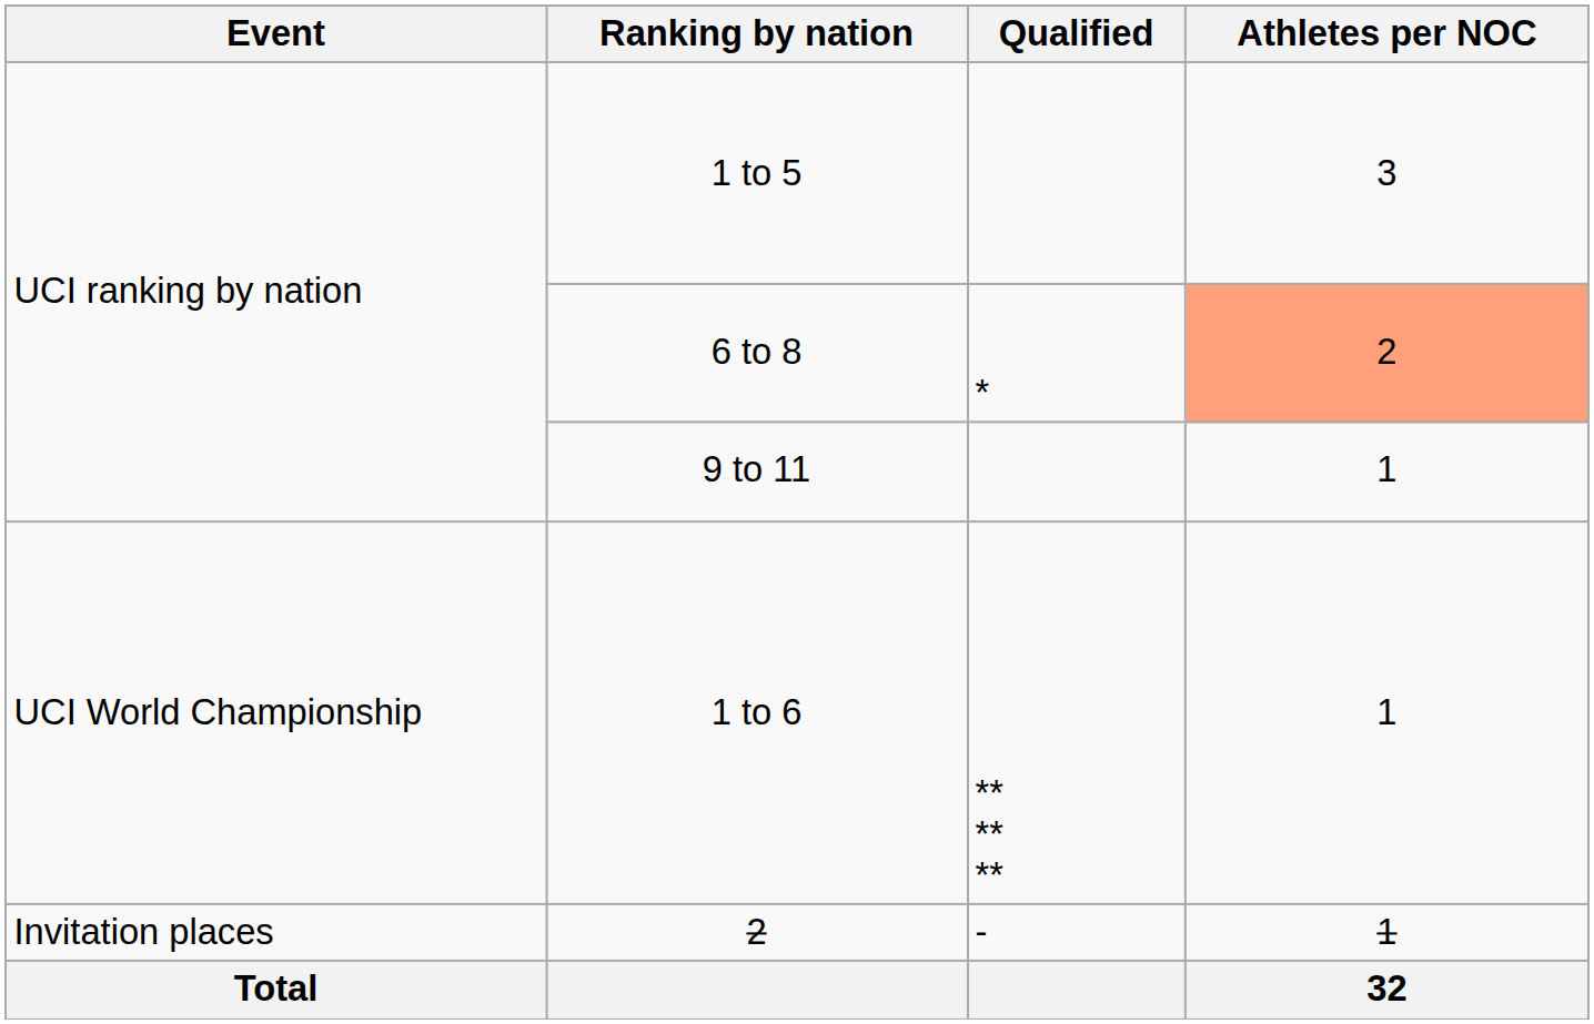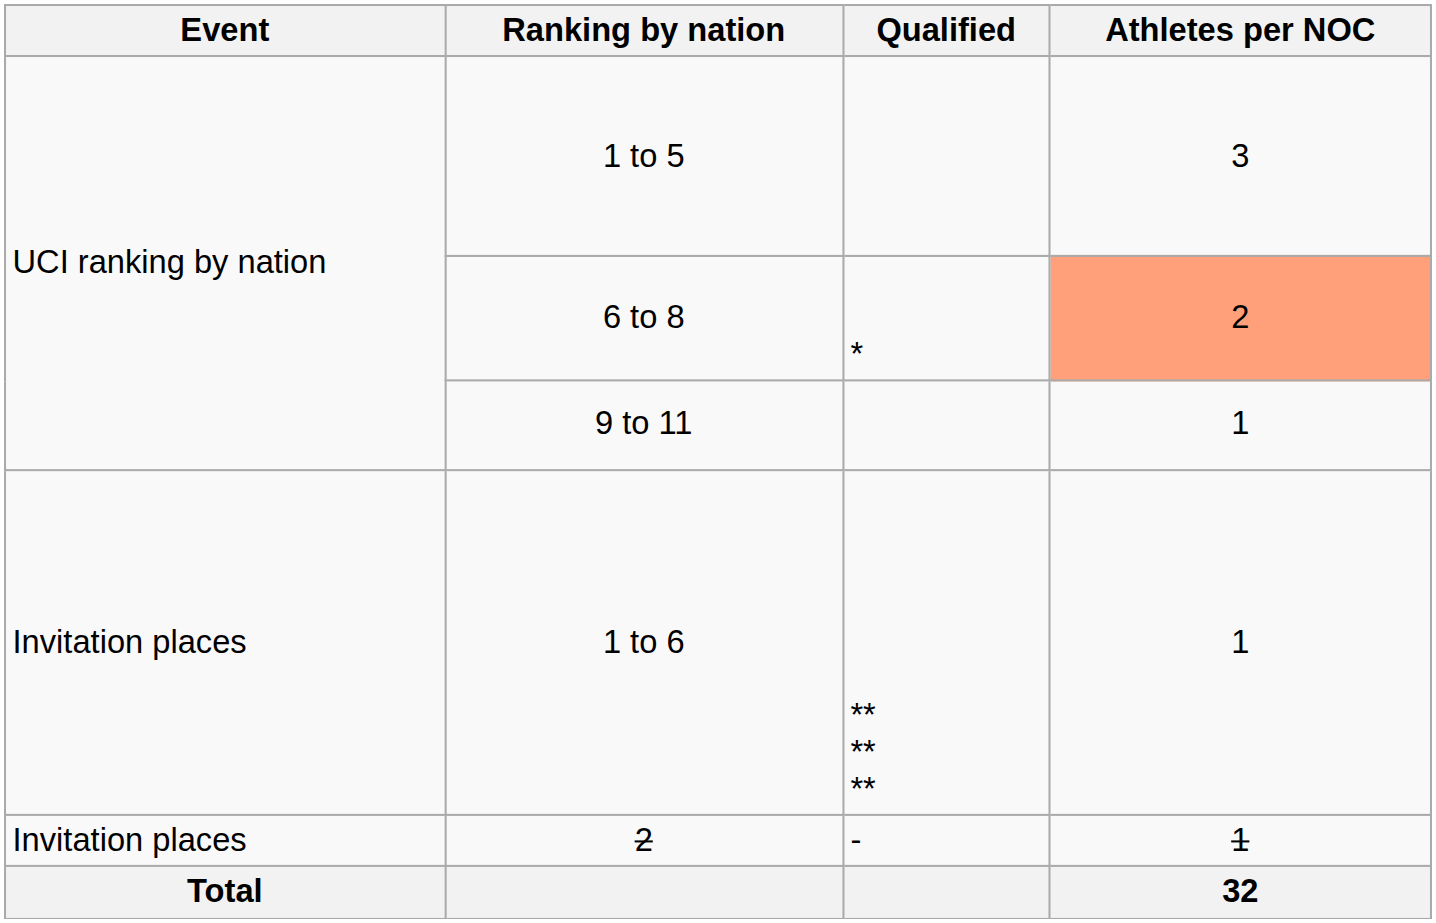 <table class="wikitable" width=700 style="text-align:center">
 <tr>
 <th>Event</th>
 <th>Ranking by nation</th>
 <th>Qualified</th>
 <th>Athletes per NOC</th>
 </tr>
 <tr>
 <td rowspan="3" align="left">UCI ranking by nation</td>
 <td>1 to 5</td>
 <td align="left"><br><br><br><br><br></td>
 <td>3</td>
 </tr>
 <tr>
 <td>6 to 8</td>
 <td align="left"><br><br>*</td>
 <td style="background: lightsalmon;">2</td>
 </tr>
 <tr>
 <td>9 to 11</td>
 <td align="left"><br><br></td>
 <td>1</td>
 </tr>
 <tr>
-<td align="left">UCI World Championship</td>
+<td align="left">Invitation places</td>
 <td>1 to 6</td>
 <td align="left"><br><br><br><br><br><br>**<br>**<br>**</td>
 <td>1</td>
 </tr>
 <tr>
 <td align="left">Invitation places</td>
 <td><s>2</s></td>
 <td align=left>-</td>
 <td><s>1</s></td>
 </tr>
 <tr>
 <th>Total</th>
 <th></th>
 <th></th>
 <th>32</th>
 </tr>
 </table>
